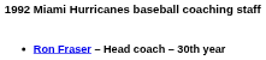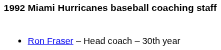 <table class="toccolours">
 <tr>
 <th colspan=9>1992 Miami Hurricanes baseball coaching staff</th>
 </tr>
 <tr>
-<td style="text-align: left; font-size: 95%;" valign="top"><strong><br><ul><li><a href='#'>Ron Fraser</a> – Head coach – 30th year</li></ul></strong></td>
+<td style="text-align: left; font-size: 95%;" valign="top"><br><ul><li><a href='#'>Ron Fraser</a> – Head coach – 30th year</li></ul></td>
 </tr>
 </table>
